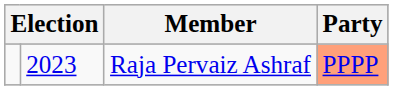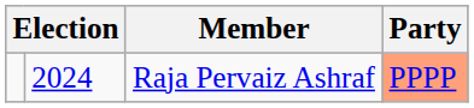 <table class="wikitable">
 <tr>
 <th colspan="2">Election</th>
 <th>Member</th>
 <th>Party</th>
 </tr>
 <tr>
 <td style="background-color: "></td>
-<td><a href='#'>2023</a></td>
+<td><a href='#'>2024</a></td>
 <td><a href='#'>Raja Pervaiz Ashraf</a></td>
 <td style="background: lightsalmon;"><a href='#'>PPPP</a></td>
 </tr>
 </table>
